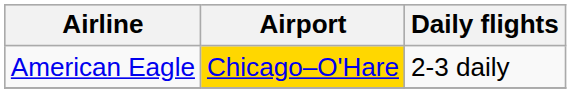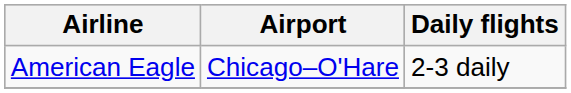 <table class="wikitable">
 <tr>
 <th>Airline</th>
 <th>Airport</th>
 <th>Daily flights</th>
 </tr>
 <tr>
 <td><a href='#'>American Eagle</a></td>
-<td style="background: gold;"><a href='#'>Chicago–O'Hare</a></td>
+<td><a href='#'>Chicago–O'Hare</a></td>
 <td>2-3 daily</td>
 </tr>
 <tr>
 </tr>
 </table>
